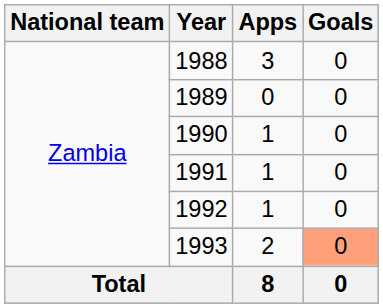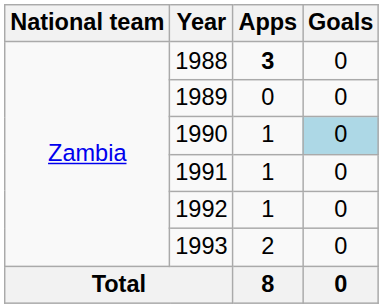 <table class="wikitable" style="text-align: center;">
 <tr>
 <th>National team</th>
 <th>Year</th>
 <th>Apps</th>
 <th>Goals</th>
 </tr>
 <tr>
 <td rowspan="6"><a href='#'>Zambia</a></td>
 <td>1988</td>
-<td>3</td>
+<td><strong>3</strong></td>
 <td>0</td>
 </tr>
 <tr>
 <td>1989</td>
 <td>0</td>
 <td>0</td>
 </tr>
 <tr>
 <td>1990</td>
 <td>1</td>
-<td>0</td>
+<td style="background: lightblue;">0</td>
 </tr>
 <tr>
 <td>1991</td>
 <td>1</td>
 <td>0</td>
 </tr>
 <tr>
 <td>1992</td>
 <td>1</td>
 <td>0</td>
 </tr>
 <tr>
 <td>1993</td>
 <td>2</td>
-<td style="background: lightsalmon;">0</td>
+<td>0</td>
 </tr>
 <tr>
 <th colspan="2">Total</th>
 <th>8</th>
 <th>0</th>
 </tr>
 </table>
